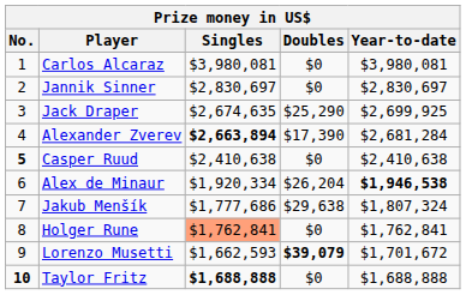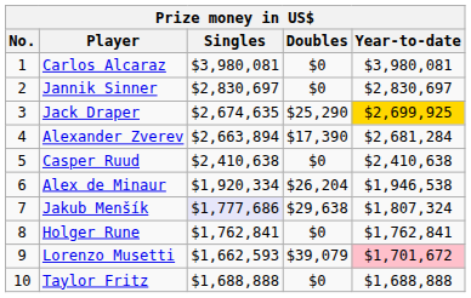 <table class="wikitable sortable" style="text-align:center">
 <tr>
 <th colspan="5">Prize money in US$ </th>
 </tr>
 <tr>
 <th scope="col">No.</th>
 <th scope="col">Player</th>
 <th scope="col">Singles</th>
 <th scope="col">Doubles</th>
 <th scope="col">Year-to-date</th>
 </tr>
 <tr>
 <td>1</td>
 <td style="text-align:left"> <a href='#'>Carlos Alcaraz</a></td>
 <td>$3,980,081</td>
 <td>$0</td>
 <td>$3,980,081</td>
 </tr>
 <tr>
 <td>2</td>
 <td style="text-align:left"> <a href='#'>Jannik Sinner</a></td>
 <td>$2,830,697</td>
 <td>$0</td>
 <td>$2,830,697</td>
 </tr>
 <tr>
 <td>3</td>
 <td style="text-align:left"> <a href='#'>Jack Draper</a></td>
 <td>$2,674,635</td>
 <td>$25,290</td>
-<td>$2,699,925</td>
+<td style="background: gold;">$2,699,925</td>
 </tr>
 <tr>
 <td>4</td>
 <td style="text-align:left"> <a href='#'>Alexander Zverev</a></td>
-<td><strong>$2,663,894</strong></td>
+<td>$2,663,894</td>
 <td>$17,390</td>
 <td>$2,681,284</td>
 </tr>
 <tr>
-<td><strong>5</strong></td>
+<td>5</td>
 <td style="text-align:left"> <a href='#'>Casper Ruud</a></td>
 <td>$2,410,638</td>
 <td>$0</td>
 <td>$2,410,638</td>
 </tr>
 <tr>
 <td>6</td>
 <td style="text-align:left"> <a href='#'>Alex de Minaur</a></td>
 <td>$1,920,334</td>
 <td>$26,204</td>
-<td><strong>$1,946,538</strong></td>
+<td>$1,946,538</td>
 </tr>
 <tr>
 <td>7</td>
 <td style="text-align:left"> <a href='#'>Jakub Menšík</a></td>
-<td>$1,777,686</td>
+<td style="background: lavender;">$1,777,686</td>
 <td>$29,638</td>
 <td>$1,807,324</td>
 </tr>
 <tr>
 <td>8</td>
 <td style="text-align:left"> <a href='#'>Holger Rune</a></td>
-<td style="background: lightsalmon;">$1,762,841</td>
+<td>$1,762,841</td>
 <td>$0</td>
 <td>$1,762,841</td>
 </tr>
 <tr>
 <td>9</td>
 <td style="text-align:left"> <a href='#'>Lorenzo Musetti</a></td>
 <td>$1,662,593</td>
-<td><strong>$39,079</strong></td>
-<td>$1,701,672</td>
+<td>$39,079</td>
+<td style="background: pink;">$1,701,672</td>
 </tr>
 <tr>
-<td><strong>10</strong></td>
+<td>10</td>
 <td style="text-align:left"> <a href='#'>Taylor Fritz</a></td>
-<td><strong>$1,688,888</strong></td>
+<td>$1,688,888</td>
 <td>$0</td>
 <td>$1,688,888</td>
 </tr>
 </table>
